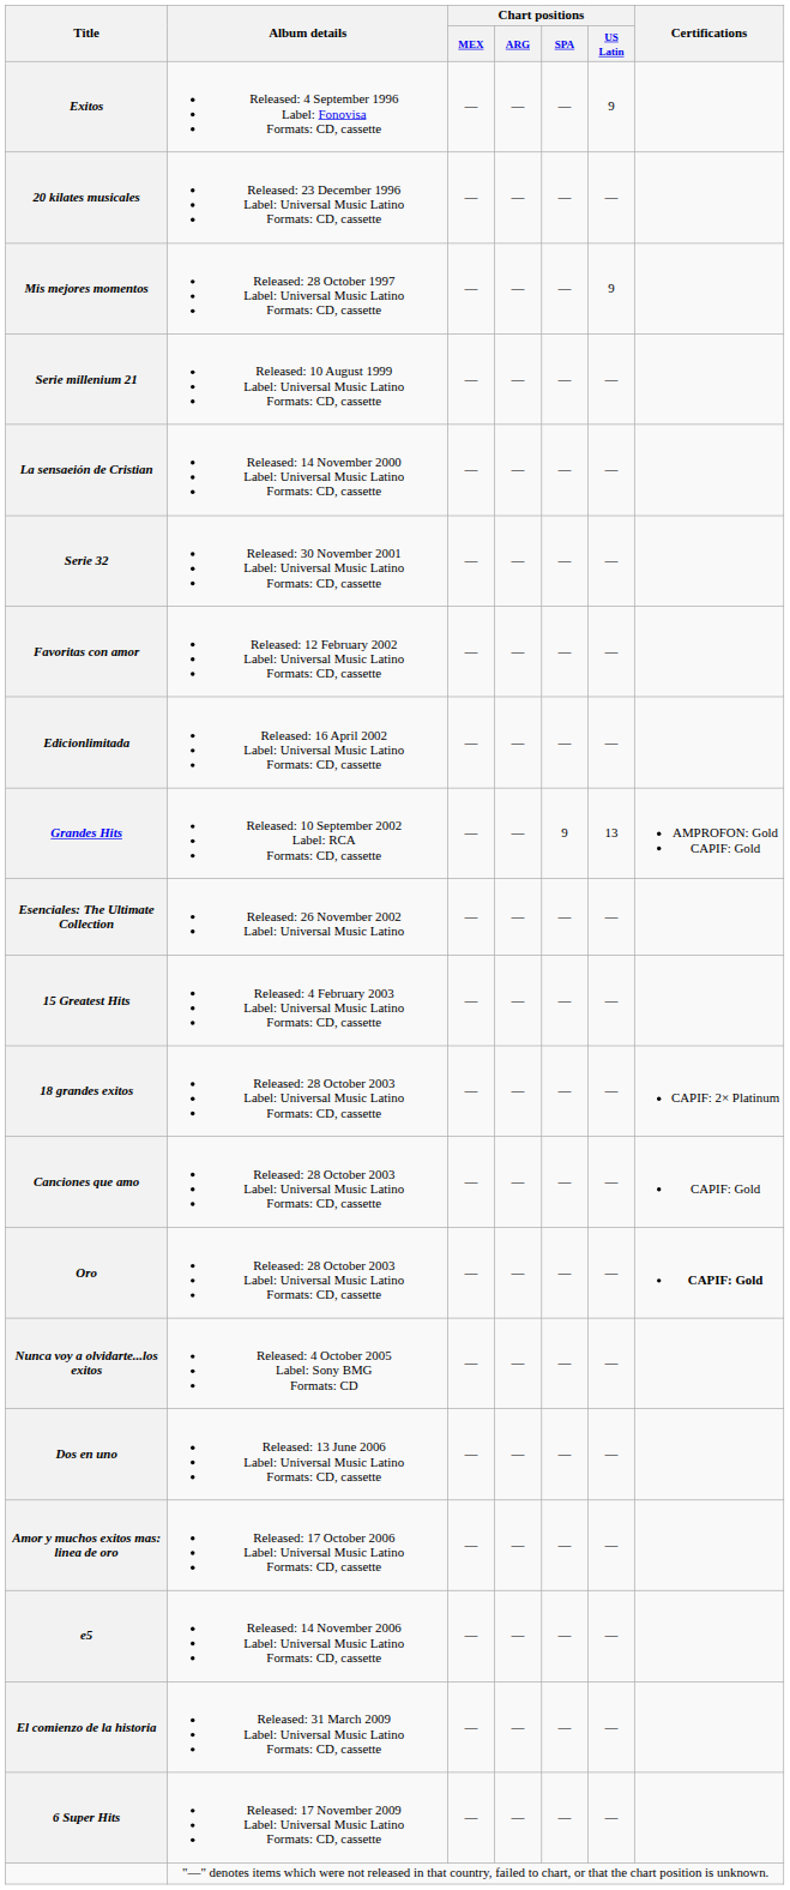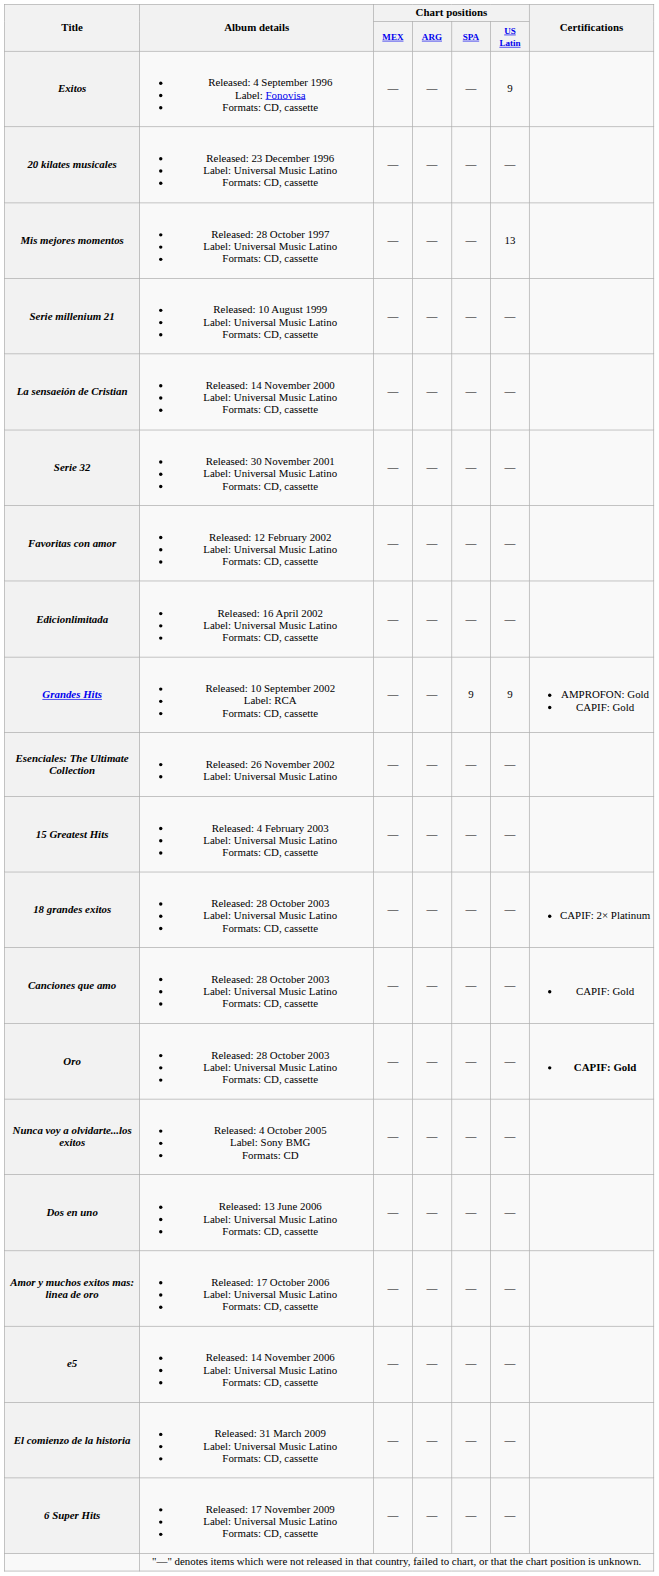 <table class="wikitable plainrowheaders" style="text-align:center;">
 <tr>
 <th scope="col" rowspan="2" style="width:12em;">Title</th>
 <th scope="col" rowspan="2" style="width:21em;">Album details</th>
 <th colspan="4">Chart positions</th>
 <th width="175" rowspan="2">Certifications</th>
 </tr>
 <tr bgcolor="#DDDDDD">
 <th width="50"><small><a href='#'>MEX</a></small></th>
 <th width="50"><small><a href='#'>ARG</a></small></th>
 <th width="50"><small><a href='#'>SPA</a></small></th>
 <th width="50"><small><a href='#'>US Latin</a></small></th>
 </tr>
 <tr>
 <th scope="row"><em>Exitos</em></th>
 <td><br><ul><li>Released: 4 September 1996</li><li>Label: <a href='#'>Fonovisa</a></li><li>Formats: CD, cassette</li></ul></td>
 <td>—</td>
 <td>—</td>
 <td>—</td>
 <td>9</td>
 <td></td>
 </tr>
 <tr>
 <th scope="row"><em>20 kilates musicales</em></th>
 <td><br><ul><li>Released: 23 December 1996</li><li>Label: Universal Music Latino</li><li>Formats: CD, cassette</li></ul></td>
 <td>—</td>
 <td>—</td>
 <td>—</td>
 <td>—</td>
 <td></td>
 </tr>
 <tr>
 <th scope="row"><em>Mis mejores momentos</em></th>
 <td><br><ul><li>Released: 28 October 1997</li><li>Label: Universal Music Latino</li><li>Formats: CD, cassette</li></ul></td>
 <td>—</td>
 <td>—</td>
 <td>—</td>
-<td>9</td>
+<td>13</td>
 <td></td>
 </tr>
 <tr>
 <th scope="row"><em>Serie millenium 21</em></th>
 <td><br><ul><li>Released: 10 August 1999</li><li>Label: Universal Music Latino</li><li>Formats: CD, cassette</li></ul></td>
 <td>—</td>
 <td>—</td>
 <td>—</td>
 <td>—</td>
 <td></td>
 </tr>
 <tr>
 <th scope="row"><em>La sensaeión de Cristian</em></th>
 <td><br><ul><li>Released: 14 November 2000</li><li>Label: Universal Music Latino</li><li>Formats: CD, cassette</li></ul></td>
 <td>—</td>
 <td>—</td>
 <td>—</td>
 <td>—</td>
 <td></td>
 </tr>
 <tr>
 <th scope="row"><em>Serie 32</em></th>
 <td><br><ul><li>Released: 30 November 2001</li><li>Label: Universal Music Latino</li><li>Formats: CD, cassette</li></ul></td>
 <td>—</td>
 <td>—</td>
 <td>—</td>
 <td>—</td>
 <td></td>
 </tr>
 <tr>
 <th scope="row"><em>Favoritas con amor</em></th>
 <td><br><ul><li>Released: 12 February 2002</li><li>Label: Universal Music Latino</li><li>Formats: CD, cassette</li></ul></td>
 <td>—</td>
 <td>—</td>
 <td>—</td>
 <td>—</td>
 <td></td>
 </tr>
 <tr>
 <th scope="row"><em>Edicionlimitada</em></th>
 <td><br><ul><li>Released: 16 April 2002</li><li>Label: Universal Music Latino</li><li>Formats: CD, cassette</li></ul></td>
 <td>—</td>
 <td>—</td>
 <td>—</td>
 <td>—</td>
 <td></td>
 </tr>
 <tr>
 <th scope="row"><em><a href='#'>Grandes Hits</a></em></th>
 <td><br><ul><li>Released: 10 September 2002</li><li>Label: RCA</li><li>Formats: CD, cassette</li></ul></td>
 <td>—</td>
 <td>—</td>
 <td>9</td>
-<td>13</td>
+<td>9</td>
 <td><br><ul><li>AMPROFON: Gold</li><li>CAPIF: Gold</li></ul></td>
 </tr>
 <tr>
 <th scope="row"><em>Esenciales: The Ultimate Collection</em></th>
 <td><br><ul><li>Released: 26 November 2002</li><li>Label: Universal Music Latino</li></ul></td>
 <td>—</td>
 <td>—</td>
 <td>—</td>
 <td>—</td>
 <td></td>
 </tr>
 <tr>
 <th scope="row"><em>15 Greatest Hits</em></th>
 <td><br><ul><li>Released: 4 February 2003</li><li>Label: Universal Music Latino</li><li>Formats: CD, cassette</li></ul></td>
 <td>—</td>
 <td>—</td>
 <td>—</td>
 <td>—</td>
 <td></td>
 </tr>
 <tr>
 <th scope="row"><em>18 grandes exitos</em></th>
 <td><br><ul><li>Released: 28 October 2003</li><li>Label: Universal Music Latino</li><li>Formats: CD, cassette</li></ul></td>
 <td>—</td>
 <td>—</td>
 <td>—</td>
 <td>—</td>
 <td><br><ul><li>CAPIF: 2× Platinum</li></ul></td>
 </tr>
 <tr>
 <th scope="row"><em>Canciones que amo</em></th>
 <td><br><ul><li>Released: 28 October 2003</li><li>Label: Universal Music Latino</li><li>Formats: CD, cassette</li></ul></td>
 <td>—</td>
 <td>—</td>
 <td>—</td>
 <td>—</td>
 <td><br><ul><li>CAPIF: Gold</li></ul></td>
 </tr>
 <tr>
 <th scope="row"><em>Oro</em></th>
 <td><br><ul><li>Released: 28 October 2003</li><li>Label: Universal Music Latino</li><li>Formats: CD, cassette</li></ul></td>
 <td>—</td>
 <td>—</td>
 <td>—</td>
 <td>—</td>
 <td><strong><br><ul><li>CAPIF: Gold</li></ul></strong></td>
 </tr>
 <tr>
 <th scope="row"><em>Nunca voy a olvidarte...los exitos</em></th>
 <td><br><ul><li>Released: 4 October 2005</li><li>Label: Sony BMG</li><li>Formats: CD</li></ul></td>
 <td>—</td>
 <td>—</td>
 <td>—</td>
 <td>—</td>
 <td></td>
 </tr>
 <tr>
 <th scope="row"><em>Dos en uno</em></th>
 <td><br><ul><li>Released: 13 June 2006</li><li>Label: Universal Music Latino</li><li>Formats: CD, cassette</li></ul></td>
 <td>—</td>
 <td>—</td>
 <td>—</td>
 <td>—</td>
 <td></td>
 </tr>
 <tr>
 <th scope="row"><em>Amor y muchos exitos mas: linea de oro</em></th>
 <td><br><ul><li>Released: 17 October 2006</li><li>Label: Universal Music Latino</li><li>Formats: CD, cassette</li></ul></td>
 <td>—</td>
 <td>—</td>
 <td>—</td>
 <td>—</td>
 <td></td>
 </tr>
 <tr>
 <th scope="row"><em>e5</em></th>
 <td><br><ul><li>Released: 14 November 2006</li><li>Label: Universal Music Latino</li><li>Formats: CD, cassette</li></ul></td>
 <td>—</td>
 <td>—</td>
 <td>—</td>
 <td>—</td>
 <td></td>
 </tr>
 <tr>
 <th scope="row"><em>El comienzo de la historia</em></th>
 <td><br><ul><li>Released: 31 March 2009</li><li>Label: Universal Music Latino</li><li>Formats: CD, cassette</li></ul></td>
 <td>—</td>
 <td>—</td>
 <td>—</td>
 <td>—</td>
 <td></td>
 </tr>
 <tr>
 <th scope="row"><em>6 Super Hits</em></th>
 <td><br><ul><li>Released: 17 November 2009</li><li>Label: Universal Music Latino</li><li>Formats: CD, cassette</li></ul></td>
 <td>—</td>
 <td>—</td>
 <td>—</td>
 <td>—</td>
 <td></td>
 </tr>
 <tr>
 <td></td>
 <td colspan="14" style="font—size:90%">"—" denotes items which were not released in that country, failed to chart, or that the chart position is unknown.</td>
 </tr>
 </table>
